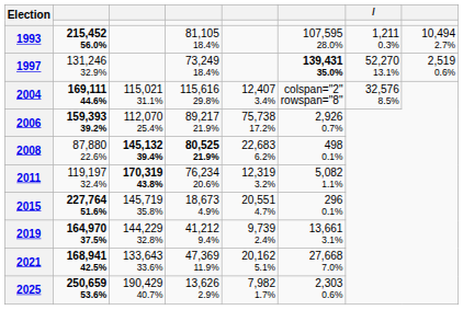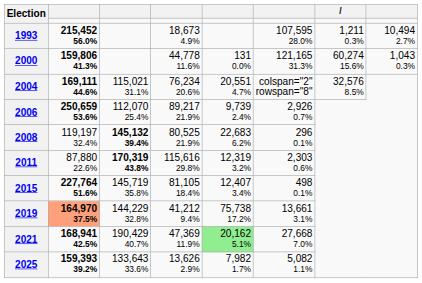 <table class="wikitable" style="text-align:right; line-height:16px">
 <tr>
 <th rowspan="2">Election</th>
 <th width="75" style="font-size:85%"></th>
 <th width="75" style="font-size:85%"></th>
 <th width="75" style="font-size:85%"></th>
 <th width="75" style="font-size:85%"></th>
 <th width="75" style="font-size:85%"></th>
 <th width="75" style="font-size:85%"> /<br></th>
 <th width="75" style="font-size:85%"></th>
 </tr>
 <tr>
 <td></td>
 <td></td>
 <td></td>
 <td></td>
 <td></td>
 <td></td>
 <td></td>
 </tr>
 <tr>
 <th scope="row"><a href='#'>1993</a></th>
 <td><strong>215,452<br><small>56.0%</small></strong></td>
 <td></td>
-<td>81,105<br><small>18.4%</small></td>
+<td>18,673<br><small>4.9%</small></td>
 <td></td>
 <td>107,595<br><small>28.0%</small></td>
 <td>1,211<br><small>0.3%</small></td>
 <td>10,494<br><small>2.7%</small></td>
 </tr>
 <tr>
-<th scope="row"><a href='#'>1997</a></th>
-<td>131,246<br><small>32.9%</small></td>
+<th scope="row"><a href='#'>2000</a></th>
+<td><strong>159,806<br><small>41.3%</small></strong></td>
 <td></td>
-<td>73,249<br><small>18.4%</small></td>
-<td></td>
-<td><strong>139,431<br><small>35.0%</small></strong></td>
-<td>52,270<br><small>13.1%</small></td>
-<td>2,519<br><small>0.6%</small></td>
+<td>44,778<br><small>11.6%</small></td>
+<td>131<br><small>0.0%</small></td>
+<td>121,165<br><small>31.3%</small></td>
+<td>60,274<br><small>15.6%</small></td>
+<td>1,043<br><small>0.3%</small></td>
 </tr>
 <tr>
 <th scope="row"><a href='#'>2004</a></th>
 <td><strong>169,111<br><small>44.6%</small></strong></td>
 <td>115,021<br><small>31.1%</small></td>
-<td>115,616<br><small>29.8%</small></td>
-<td>12,407<br><small>3.4%</small></td>
+<td>76,234<br><small>20.6%</small></td>
+<td>20,551<br><small>4.7%</small></td>
 <td>colspan="2" rowspan="8" </td>
 <td>32,576<br><small>8.5%</small></td>
 </tr>
 <tr>
 <th scope="row"><a href='#'>2006</a></th>
-<td><strong>159,393<br><small>39.2%</small></strong></td>
+<td><strong>250,659<br><small>53.6%</small></strong></td>
 <td>112,070<br><small>25.4%</small></td>
 <td>89,217<br><small>21.9%</small></td>
-<td>75,738<br><small>17.2%</small></td>
+<td>9,739<br><small>2.4%</small></td>
 <td>2,926<br><small>0.7%</small></td>
 </tr>
 <tr>
 <th scope="row"><a href='#'>2008</a></th>
-<td>87,880<br><small>22.6%</small></td>
+<td>119,197<br><small>32.4%</small></td>
 <td><strong>145,132<br><small>39.4%</small></strong></td>
-<td><strong>80,525<br><small>21.9%</small></strong></td>
+<td>80,525<br><small>21.9%</small></td>
 <td>22,683<br><small>6.2%</small></td>
-<td>498<br><small>0.1%</small></td>
+<td>296<br><small>0.1%</small></td>
 </tr>
 <tr>
 <th scope="row"><a href='#'>2011</a></th>
-<td>119,197<br><small>32.4%</small></td>
+<td>87,880<br><small>22.6%</small></td>
 <td><strong>170,319<br><small>43.8%</small></strong></td>
-<td>76,234<br><small>20.6%</small></td>
+<td>115,616<br><small>29.8%</small></td>
 <td>12,319<br><small>3.2%</small></td>
-<td>5,082<br><small>1.1%</small></td>
+<td>2,303<br><small>0.6%</small></td>
 </tr>
 <tr>
 <th scope="row"><a href='#'>2015</a></th>
 <td><strong>227,764<br><small>51.6%</small></strong></td>
 <td>145,719<br><small>35.8%</small></td>
-<td>18,673<br><small>4.9%</small></td>
-<td>20,551<br><small>4.7%</small></td>
-<td>296<br><small>0.1%</small></td>
+<td>81,105<br><small>18.4%</small></td>
+<td>12,407<br><small>3.4%</small></td>
+<td>498<br><small>0.1%</small></td>
 </tr>
 <tr>
 <th scope="row"><a href='#'>2019</a></th>
-<td><strong>164,970<br><small>37.5%</small></strong></td>
+<td style="background: lightsalmon;"><strong>164,970<br><small>37.5%</small></strong></td>
 <td>144,229<br><small>32.8%</small></td>
 <td>41,212<br><small>9.4%</small></td>
-<td>9,739<br><small>2.4%</small></td>
+<td>75,738<br><small>17.2%</small></td>
 <td>13,661<br><small>3.1%</small></td>
 </tr>
 <tr>
 <th scope="row"><a href='#'>2021</a></th>
 <td><strong>168,941<br><small>42.5%</small></strong></td>
-<td>133,643<br><small>33.6%</small></td>
+<td>190,429<br><small>40.7%</small></td>
 <td>47,369<br><small>11.9%</small></td>
-<td>20,162<br><small>5.1%</small></td>
+<td style="background: lightgreen;">20,162<br><small>5.1%</small></td>
 <td>27,668<br><small>7.0%</small></td>
 </tr>
 <tr>
 <th scope="row"><a href='#'>2025</a></th>
-<td><strong>250,659<br><small>53.6%</small></strong></td>
-<td>190,429<br><small>40.7%</small></td>
+<td><strong>159,393<br><small>39.2%</small></strong></td>
+<td>133,643<br><small>33.6%</small></td>
 <td>13,626<br><small>2.9%</small></td>
 <td>7,982<br><small>1.7%</small></td>
-<td>2,303<br><small>0.6%</small></td>
+<td>5,082<br><small>1.1%</small></td>
 </tr>
 </table>
